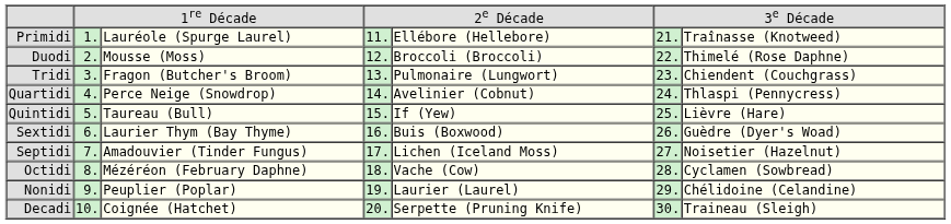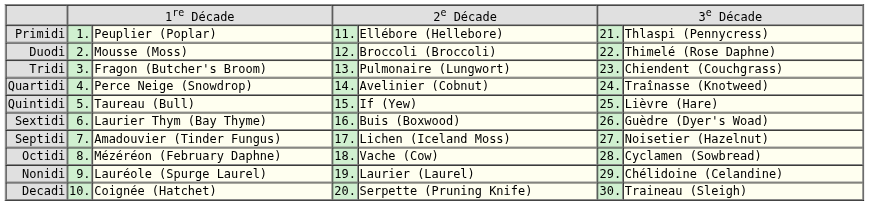 <table align="center" border="1" cellspacing="0" cellpadding="1">
 <tr bgcolor=#e0e0e0>
 <td ALIGN="right"> </td>
 <td ALIGN="center" colspan=2>1<sup>re</sup> Décade</td>
 <td ALIGN="center" colspan=2>2<sup>e</sup> Décade</td>
 <td ALIGN="center" colspan=2>3<sup>e</sup> Décade</td>
 </tr>
 <tr>
 <td ALIGN="right" bgcolor=#e0e0e0>Primidi</td>
 <td ALIGN="right" bgcolor=#d0f0d0>1.</td>
-<td ALIGN="left"  bgcolor=#fffff0 width=28%>Lauréole (Spurge Laurel)</td>
+<td ALIGN="left"  bgcolor=#fffff0>Peuplier (Poplar)</td>
 <td ALIGN="right" bgcolor=#d0f0d0>11.</td>
 <td ALIGN="left"  bgcolor=#fffff0 width=28%>Ellébore (Hellebore)</td>
 <td ALIGN="right" bgcolor=#d0f0d0>21.</td>
-<td ALIGN="left"  bgcolor=#fffff0>Traînasse (Knotweed)</td>
+<td ALIGN="left"  bgcolor=#fffff0 width=28%>Thlaspi (Pennycress)</td>
 </tr>
 <tr>
 <td ALIGN="right" bgcolor=#e0e0e0>Duodi</td>
 <td ALIGN="right" bgcolor=#d0f0d0>2.</td>
 <td ALIGN="left"  bgcolor=#fffff0>Mousse (Moss)</td>
 <td ALIGN="right" bgcolor=#d0f0d0>12.</td>
 <td ALIGN="left"  bgcolor=#fffff0>Broccoli (Broccoli)</td>
 <td ALIGN="right" bgcolor=#d0f0d0>22.</td>
 <td ALIGN="left"  bgcolor=#fffff0>Thimelé (Rose Daphne)</td>
 </tr>
 <tr>
 <td ALIGN="right" bgcolor=#e0e0e0>Tridi</td>
 <td ALIGN="right" bgcolor=#d0f0d0>3.</td>
 <td ALIGN="left"  bgcolor=#fffff0>Fragon (Butcher's Broom)</td>
 <td ALIGN="right" bgcolor=#d0f0d0>13.</td>
 <td ALIGN="left"  bgcolor=#fffff0>Pulmonaire (Lungwort)</td>
 <td ALIGN="right" bgcolor=#d0f0d0>23.</td>
 <td ALIGN="left"  bgcolor=#fffff0>Chiendent (Couchgrass)</td>
 </tr>
 <tr>
 <td ALIGN="right" bgcolor=#e0e0e0>Quartidi</td>
 <td ALIGN="right" bgcolor=#d0f0d0>4.</td>
 <td ALIGN="left"  bgcolor=#fffff0>Perce Neige (Snowdrop)</td>
 <td ALIGN="right" bgcolor=#d0f0d0>14.</td>
 <td ALIGN="left"  bgcolor=#fffff0>Avelinier (Cobnut)</td>
 <td ALIGN="right" bgcolor=#d0f0d0>24.</td>
-<td ALIGN="left"  bgcolor=#fffff0 width=28%>Thlaspi (Pennycress)</td>
+<td ALIGN="left"  bgcolor=#fffff0>Traînasse (Knotweed)</td>
 </tr>
 <tr>
 <td ALIGN="right" bgcolor=#e0e0e0><span>Quintidi</span></td>
 <td ALIGN="right" bgcolor=#d0f0d0><span> 5.</span></td>
 <td ALIGN="left"  bgcolor=#fffff0><span>Taureau (Bull)</span></td>
 <td ALIGN="right" bgcolor=#d0f0d0><span>15.</span></td>
 <td ALIGN="left"  bgcolor=#fffff0>If (Yew)</td>
 <td ALIGN="right" bgcolor=#d0f0d0><span>25.</span></td>
 <td ALIGN="left"  bgcolor=#fffff0><span>Lièvre (Hare)</span></td>
 </tr>
 <tr>
 <td ALIGN="right" bgcolor=#e0e0e0>Sextidi</td>
 <td ALIGN="right" bgcolor=#d0f0d0>6.</td>
 <td ALIGN="left"  bgcolor=#fffff0>Laurier Thym (Bay Thyme)</td>
 <td ALIGN="right" bgcolor=#d0f0d0>16.</td>
 <td ALIGN="left"  bgcolor=#fffff0>Buis (Boxwood)</td>
 <td ALIGN="right" bgcolor=#d0f0d0>26.</td>
 <td ALIGN="left"  bgcolor=#fffff0>Guèdre (Dyer's Woad)</td>
 </tr>
 <tr>
 <td ALIGN="right" bgcolor=#e0e0e0>Septidi</td>
 <td ALIGN="right" bgcolor=#d0f0d0>7.</td>
 <td ALIGN="left"  bgcolor=#fffff0>Amadouvier (Tinder Fungus)</td>
 <td ALIGN="right" bgcolor=#d0f0d0>17.</td>
 <td ALIGN="left"  bgcolor=#fffff0>Lichen (Iceland Moss)</td>
 <td ALIGN="right" bgcolor=#d0f0d0>27.</td>
 <td ALIGN="left"  bgcolor=#fffff0>Noisetier (Hazelnut)</td>
 </tr>
 <tr>
 <td ALIGN="right" bgcolor=#e0e0e0>Octidi</td>
 <td ALIGN="right" bgcolor=#d0f0d0>8.</td>
 <td ALIGN="left"  bgcolor=#fffff0>Mézéréon (February Daphne)</td>
 <td ALIGN="right" bgcolor=#d0f0d0>18.</td>
 <td ALIGN="left"  bgcolor=#fffff0><span>Vache (Cow)</span></td>
 <td ALIGN="right" bgcolor=#d0f0d0>28.</td>
 <td ALIGN="left"  bgcolor=#fffff0>Cyclamen (Sowbread)</td>
 </tr>
 <tr>
 <td ALIGN="right" bgcolor=#e0e0e0>Nonidi</td>
 <td ALIGN="right" bgcolor=#d0f0d0>9.</td>
-<td ALIGN="left"  bgcolor=#fffff0>Peuplier (Poplar)</td>
+<td ALIGN="left"  bgcolor=#fffff0 width=28%>Lauréole (Spurge Laurel)</td>
 <td ALIGN="right" bgcolor=#d0f0d0>19.</td>
 <td ALIGN="left"  bgcolor=#fffff0>Laurier (Laurel)</td>
 <td ALIGN="right" bgcolor=#d0f0d0>29.</td>
 <td ALIGN="left"  bgcolor=#fffff0>Chélidoine (Celandine)</td>
 </tr>
 <tr>
 <td ALIGN="right" bgcolor=#e0e0e0><span>Decadi</span></td>
 <td ALIGN="right" bgcolor=#d0f0d0><span>10.</span></td>
 <td ALIGN="left"  bgcolor=#fffff0><span>Coignée (Hatchet)</span></td>
 <td ALIGN="right" bgcolor=#d0f0d0><span>20.</span></td>
 <td ALIGN="left"  bgcolor=#fffff0><span>Serpette (Pruning Knife)</span></td>
 <td ALIGN="right" bgcolor=#d0f0d0><span>30.</span></td>
 <td ALIGN="left"  bgcolor=#fffff0><span>Traineau (Sleigh)</span></td>
 </tr>
 </table>
